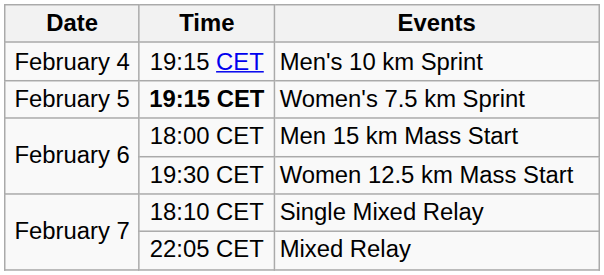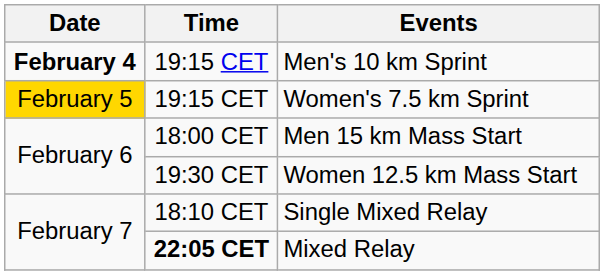 <table class="wikitable" style="text-align: center" width="400">
 <tr>
 <th>Date</th>
 <th>Time</th>
 <th>Events</th>
 </tr>
 <tr>
-<td>February 4</td>
+<td><strong>February 4</strong></td>
 <td>19:15 <a href='#'>CET</a></td>
 <td style="text-align: left">Men's 10 km Sprint</td>
 </tr>
 <tr>
-<td>February 5</td>
-<td><strong>19:15 CET</strong></td>
+<td style="background: gold;">February 5</td>
+<td>19:15 CET</td>
 <td style="text-align: left">Women's 7.5 km Sprint</td>
 </tr>
 <tr>
 <td rowspan=2>February 6</td>
 <td>18:00 CET</td>
 <td style="text-align: left">Men 15 km Mass Start</td>
 </tr>
 <tr>
 <td>19:30 CET</td>
 <td style="text-align: left">Women 12.5 km Mass Start</td>
 </tr>
 <tr>
 <td rowspan=2>February 7</td>
 <td>18:10 CET</td>
 <td style="text-align: left">Single Mixed Relay</td>
 </tr>
 <tr>
-<td>22:05 CET</td>
+<td><strong>22:05 CET</strong></td>
 <td style="text-align: left">Mixed Relay</td>
 </tr>
 </table>
